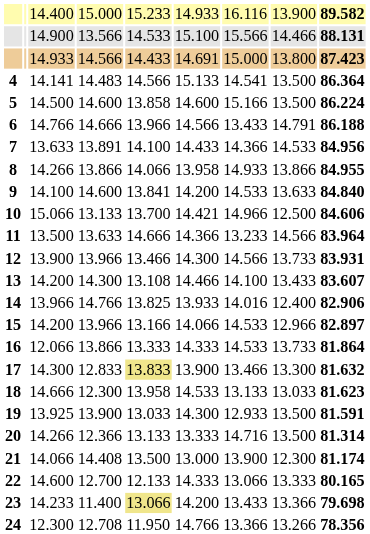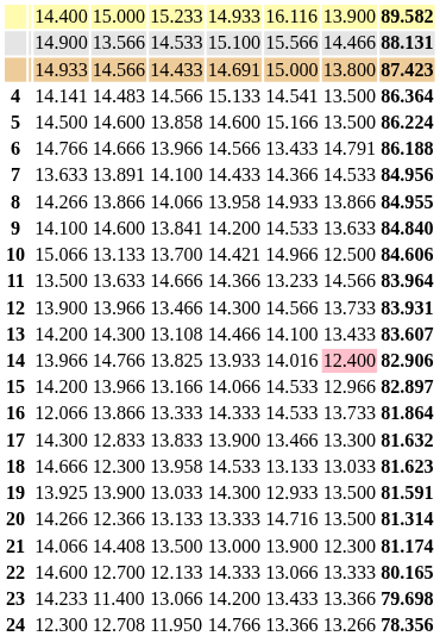 <table>
 <tr style="background:#fffcaf;">
 <th scope=row style="text-align:center"></th>
 <td align=left></td>
 <td>14.400</td>
 <td>15.000</td>
 <td>15.233</td>
 <td>14.933</td>
 <td>16.116</td>
 <td>13.900</td>
 <td><strong>89.582</strong></td>
 </tr>
 <tr style="background:#e5e5e5;">
 <th scope=row style="text-align:center"></th>
 <td align=left></td>
 <td>14.900</td>
 <td>13.566</td>
 <td>14.533</td>
 <td>15.100</td>
 <td>15.566</td>
 <td>14.466</td>
 <td><strong>88.131</strong></td>
 </tr>
 <tr style="background:#ec9;">
 <th scope=row style="text-align:center"></th>
 <td align=left></td>
 <td>14.933</td>
 <td>14.566</td>
 <td>14.433</td>
 <td>14.691</td>
 <td>15.000</td>
 <td>13.800</td>
 <td><strong>87.423</strong></td>
 </tr>
 <tr>
 <th scope=row style="text-align:center">4</th>
 <td align=left></td>
 <td>14.141</td>
 <td>14.483</td>
 <td>14.566</td>
 <td>15.133</td>
 <td>14.541</td>
 <td>13.500</td>
 <td><strong>86.364</strong></td>
 </tr>
 <tr>
 <th scope=row style="text-align:center">5</th>
 <td align=left></td>
 <td>14.500</td>
 <td>14.600</td>
 <td>13.858</td>
 <td>14.600</td>
 <td>15.166</td>
 <td>13.500</td>
 <td><strong>86.224</strong></td>
 </tr>
 <tr>
 <th scope=row style="text-align:center">6</th>
 <td align=left></td>
 <td>14.766</td>
 <td>14.666</td>
 <td>13.966</td>
 <td>14.566</td>
 <td>13.433</td>
 <td>14.791</td>
 <td><strong>86.188</strong></td>
 </tr>
 <tr>
 <th scope=row style="text-align:center">7</th>
 <td align=left></td>
 <td>13.633</td>
 <td>13.891</td>
 <td>14.100</td>
 <td>14.433</td>
 <td>14.366</td>
 <td>14.533</td>
 <td><strong>84.956</strong></td>
 </tr>
 <tr>
 <th scope=row style="text-align:center">8</th>
 <td align=left></td>
 <td>14.266</td>
 <td>13.866</td>
 <td>14.066</td>
 <td>13.958</td>
 <td>14.933</td>
 <td>13.866</td>
 <td><strong>84.955</strong></td>
 </tr>
 <tr>
 <th scope=row style="text-align:center">9</th>
 <td align=left></td>
 <td>14.100</td>
 <td>14.600</td>
 <td>13.841</td>
 <td>14.200</td>
 <td>14.533</td>
 <td>13.633</td>
 <td><strong>84.840</strong></td>
 </tr>
 <tr>
 <th scope=row style="text-align:center">10</th>
 <td align=left></td>
 <td>15.066</td>
 <td>13.133</td>
 <td>13.700</td>
 <td>14.421</td>
 <td>14.966</td>
 <td>12.500</td>
 <td><strong>84.606</strong></td>
 </tr>
 <tr>
 <th scope=row style="text-align:center">11</th>
 <td align=left></td>
 <td>13.500</td>
 <td>13.633</td>
 <td>14.666</td>
 <td>14.366</td>
 <td>13.233</td>
 <td>14.566</td>
 <td><strong>83.964</strong></td>
 </tr>
 <tr>
 <th scope=row style="text-align:center">12</th>
 <td align=left></td>
 <td>13.900</td>
 <td>13.966</td>
 <td>13.466</td>
 <td>14.300</td>
 <td>14.566</td>
 <td>13.733</td>
 <td><strong>83.931</strong></td>
 </tr>
 <tr>
 <th scope=row style="text-align:center">13</th>
 <td align=left></td>
 <td>14.200</td>
 <td>14.300</td>
 <td>13.108</td>
 <td>14.466</td>
 <td>14.100</td>
 <td>13.433</td>
 <td><strong>83.607</strong></td>
 </tr>
 <tr>
 <th scope=row style="text-align:center">14</th>
 <td align=left></td>
 <td>13.966</td>
 <td>14.766</td>
 <td>13.825</td>
 <td>13.933</td>
 <td>14.016</td>
-<td>12.400</td>
+<td style="background: pink;">12.400</td>
 <td><strong>82.906</strong></td>
 </tr>
 <tr>
 <th scope=row style="text-align:center">15</th>
 <td align=left></td>
 <td>14.200</td>
 <td>13.966</td>
 <td>13.166</td>
 <td>14.066</td>
 <td>14.533</td>
 <td>12.966</td>
 <td><strong>82.897</strong></td>
 </tr>
 <tr>
 <th scope=row style="text-align:center">16</th>
 <td align=left></td>
 <td>12.066</td>
 <td>13.866</td>
 <td>13.333</td>
 <td>14.333</td>
 <td>14.533</td>
 <td>13.733</td>
 <td><strong>81.864</strong></td>
 </tr>
 <tr>
 <th scope=row style="text-align:center">17</th>
 <td align=left></td>
 <td>14.300</td>
 <td>12.833</td>
-<td style="background: khaki;">13.833</td>
+<td>13.833</td>
 <td>13.900</td>
 <td>13.466</td>
 <td>13.300</td>
 <td><strong>81.632</strong></td>
 </tr>
 <tr>
 <th scope=row style="text-align:center">18</th>
 <td align=left></td>
 <td>14.666</td>
 <td>12.300</td>
 <td>13.958</td>
 <td>14.533</td>
 <td>13.133</td>
 <td>13.033</td>
 <td><strong>81.623</strong></td>
 </tr>
 <tr>
 <th scope=row style="text-align:center">19</th>
 <td align=left></td>
 <td>13.925</td>
 <td>13.900</td>
 <td>13.033</td>
 <td>14.300</td>
 <td>12.933</td>
 <td>13.500</td>
 <td><strong>81.591</strong></td>
 </tr>
 <tr>
 <th scope=row style="text-align:center">20</th>
 <td align=left></td>
 <td>14.266</td>
 <td>12.366</td>
 <td>13.133</td>
 <td>13.333</td>
 <td>14.716</td>
 <td>13.500</td>
 <td><strong>81.314</strong></td>
 </tr>
 <tr>
 <th scope=row style="text-align:center">21</th>
 <td align=left></td>
 <td>14.066</td>
 <td>14.408</td>
 <td>13.500</td>
 <td>13.000</td>
 <td>13.900</td>
 <td>12.300</td>
 <td><strong>81.174</strong></td>
 </tr>
 <tr>
 <th scope=row style="text-align:center">22</th>
 <td align=left></td>
 <td>14.600</td>
 <td>12.700</td>
 <td>12.133</td>
 <td>14.333</td>
 <td>13.066</td>
 <td>13.333</td>
 <td><strong>80.165</strong></td>
 </tr>
 <tr>
 <th scope=row style="text-align:center">23</th>
 <td align=left></td>
 <td>14.233</td>
 <td>11.400</td>
-<td style="background: khaki;">13.066</td>
+<td>13.066</td>
 <td>14.200</td>
 <td>13.433</td>
 <td>13.366</td>
 <td><strong>79.698</strong></td>
 </tr>
 <tr>
 <th scope=row style="text-align:center">24</th>
 <td align=left></td>
 <td>12.300</td>
 <td>12.708</td>
 <td>11.950</td>
 <td>14.766</td>
 <td>13.366</td>
 <td>13.266</td>
 <td><strong>78.356</strong></td>
 </tr>
 </table>
